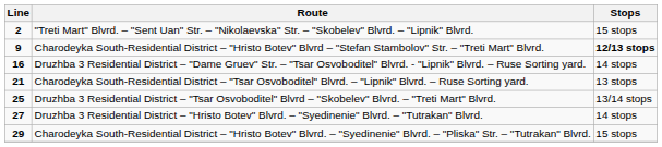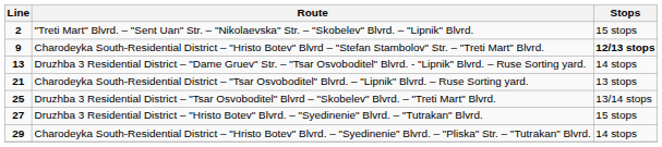 <table class="wikitable">
 <tr>
 <th>Line</th>
 <th>Route</th>
 <th>Stops</th>
 </tr>
 <tr>
 <td align="center"><span><strong>2</strong></span></td>
 <td>"Treti Mart" Blvrd. – "Sent Uan" Str. – "Nikolaevska" Str. – "Skobelev" Blvrd. – "Lipnik" Blvrd.</td>
 <td>15 stops</td>
 </tr>
 <tr>
 <td align="center"><span><strong>9</strong></span></td>
 <td>Charodeyka South-Residential District – "Hristo Botev" Blvrd – "Stefan Stambolov" Str. – "Treti Mart" Blvrd.</td>
 <td><strong>12/13 stops</strong></td>
 </tr>
 <tr>
-<td align="center"><span><strong>16</strong></span></td>
+<td align="center"><span><strong>13</strong></span></td>
 <td>Druzhba 3 Residential District – "Dame Gruev" Str. – "Tsar Osvoboditel" Blvrd. - "Lipnik" Blvrd. – Ruse Sorting yard.</td>
 <td>14 stops</td>
 </tr>
 <tr>
 <td align="center"><span><strong>21</strong></span></td>
 <td>Charodeyka South-Residential District – "Tsar Osvoboditel" Blvrd. – "Lipnik" Blvrd. – Ruse Sorting yard.</td>
 <td>13 stops</td>
 </tr>
 <tr>
 <td align="center"><span><strong>25</strong></span></td>
 <td>Druzhba 3 Residential District – "Tsar Osvoboditel" Blvrd – "Skobelev" Blvrd. – "Treti Mart" Blvrd.</td>
 <td>13/14 stops</td>
 </tr>
 <tr>
 <td align="center"><span><strong>27</strong></span></td>
 <td>Druzhba 3 Residential District – "Hristo Botev" Blvrd. – "Syedinenie" Blvrd. – "Tutrakan" Blvrd.</td>
-<td>14 stops</td>
+<td>15 stops</td>
 </tr>
 <tr>
 <td align="center"><span><strong>29</strong></span></td>
 <td>Charodeyka South-Residential District – "Hristo Botev" Blvrd. – "Syedinenie" Blvrd. – "Pliska" Str. – "Tutrakan" Blvrd.</td>
-<td>15 stops</td>
+<td>14 stops</td>
 </tr>
 <tr>
 </tr>
 </table>
